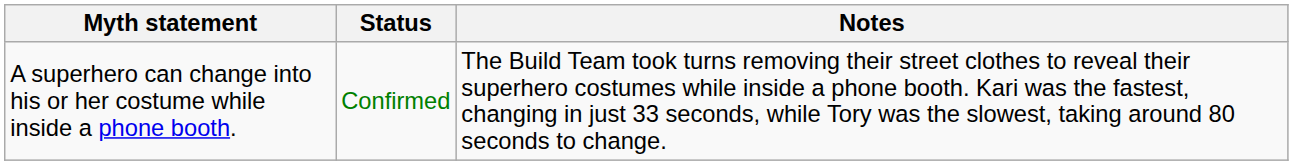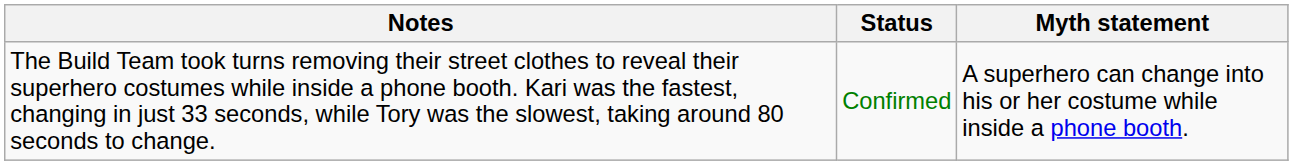 <table class="wikitable plainrowheaders">
 <tr>
+<th>Notes</th>
+<th>Status</th>
 <th>Myth statement</th>
-<th>Status</th>
-<th>Notes</th>
 </tr>
 <tr>
+<td>The Build Team took turns removing their street clothes to reveal their superhero costumes while inside a phone booth. Kari was the fastest, changing in just 33 seconds, while Tory was the slowest, taking around 80 seconds to change.</td>
+<td style="color:Green">Confirmed</td>
 <td>A superhero can change into his or her costume while inside a <a href='#'>phone booth</a>.</td>
-<td style="color:Green">Confirmed</td>
-<td>The Build Team took turns removing their street clothes to reveal their superhero costumes while inside a phone booth. Kari was the fastest, changing in just 33 seconds, while Tory was the slowest, taking around 80 seconds to change.</td>
 </tr>
 </table>
